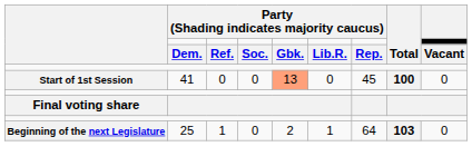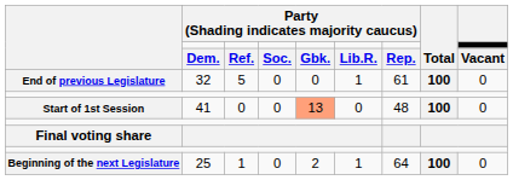 <table class=wikitable style="text-align:center">
 <tr style="vertical-align:bottom;">
 <th rowspan=3></th>
 <th colspan=6>Party <div>(Shading indicates majority caucus)</div></th>
 <th rowspan=3>Total</th>
 <th></th>
 </tr>
 <tr style="height:5px">
 <td style="background-color:"></td>
 <td style="background-color:"></td>
 <td style="background-color:"></td>
 <td style="background-color:"></td>
 <td style="background-color:"></td>
 <td style="background-color:"></td>
 <td style="background:black;"></td>
 </tr>
 <tr>
 <th><a href='#'>Dem.</a></th>
 <th><a href='#'>Ref.</a></th>
 <th><a href='#'>Soc.</a></th>
 <th><a href='#'>Gbk.</a></th>
 <th><a href='#'>Lib.R.</a></th>
 <th><a href='#'>Rep.</a></th>
 <th>Vacant</th>
 </tr>
 <tr>
+<th style="font-size:80%;">End of <a href='#'>previous Legislature</a></th>
+<td>32</td>
+<td>5</td>
+<td>0</td>
+<td>0</td>
+<td>1</td>
+<td>61</td>
+<th>100</th>
+<td>0</td>
+</tr>
+<tr>
 <td colspan=6></td>
 </tr>
 <tr>
 <th style="font-size:80%;">Start of 1st Session</th>
 <td>41</td>
 <td>0</td>
 <td>0</td>
 <td style="background: lightsalmon;">13</td>
 <td>0</td>
-<td>45</td>
+<td>48</td>
 <th>100</th>
 <td>0</td>
 </tr>
 <tr>
 <td colspan=6></td>
 </tr>
 <tr>
 <th>Final voting share</th>
 <th colspan=5 ></th>
 <th></th>
 <th colspan=2></th>
 </tr>
 <tr>
 <td colspan=6></td>
 </tr>
 <tr>
 <th style="font-size:80%;">Beginning of the <a href='#'>next Legislature</a></th>
 <td>25</td>
 <td>1</td>
 <td>0</td>
 <td>2</td>
 <td>1</td>
 <td>64</td>
-<th>103</th>
+<th>100</th>
 <td>0</td>
 </tr>
 </table>
